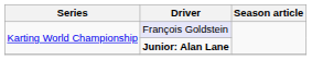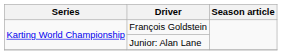 <table class="wikitable" style="font-size: 87%;">
 <tr>
 <th>Series</th>
 <th>Driver</th>
 <th>Season article</th>
 </tr>
 <tr>
 <td rowspan=2><a href='#'>Karting World Championship</a></td>
-<td style="background: lavender;"> François Goldstein</td>
+<td> François Goldstein</td>
 <td rowspan=2></td>
 </tr>
 <tr>
-<td><strong>Junior:  Alan Lane</strong></td>
+<td>Junior:  Alan Lane</td>
 </tr>
 <tr>
 </tr>
 </table>
